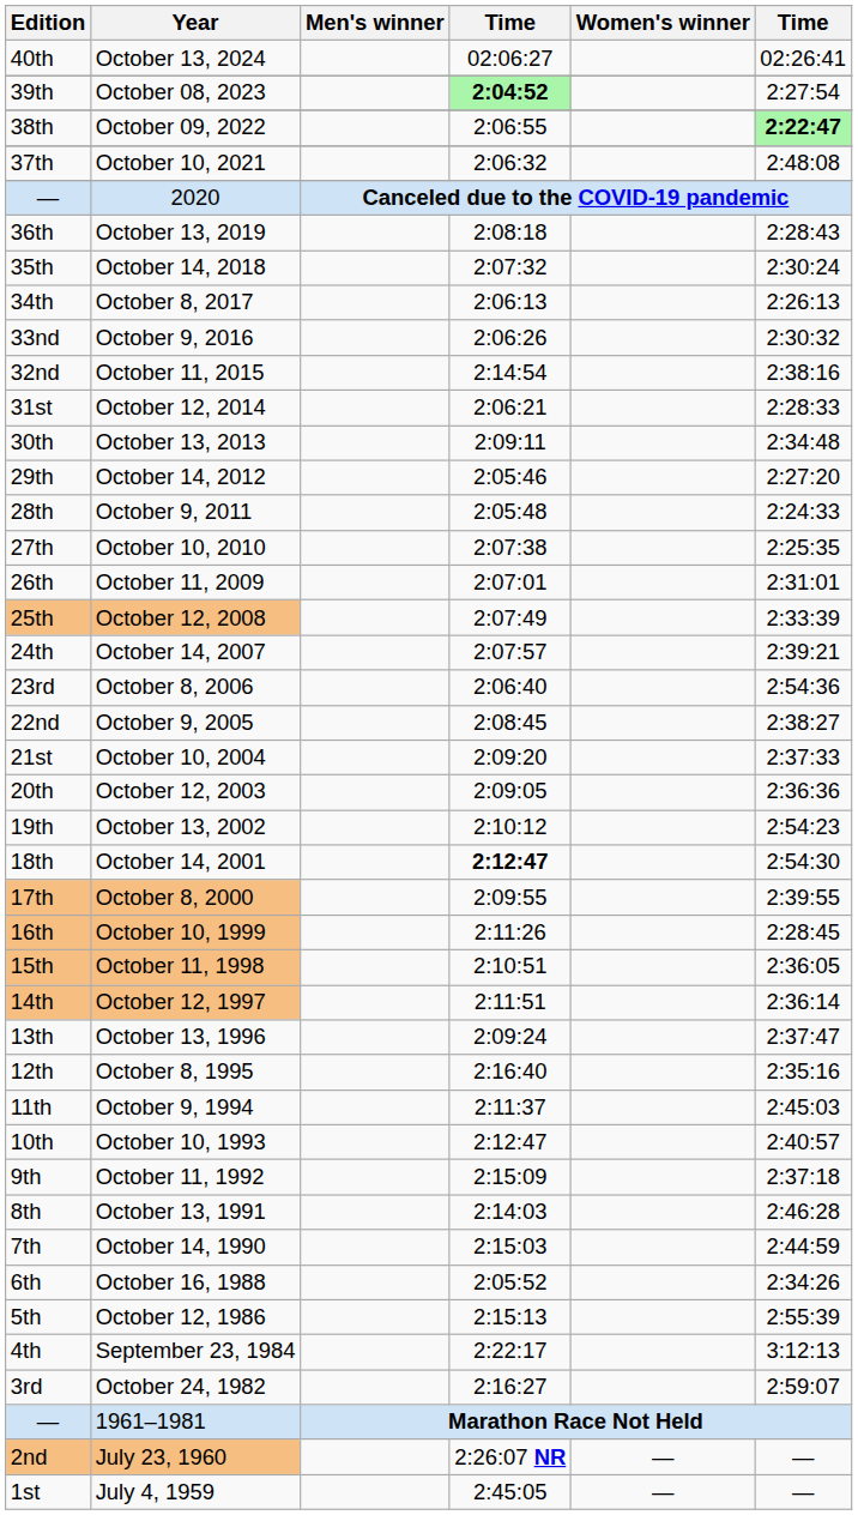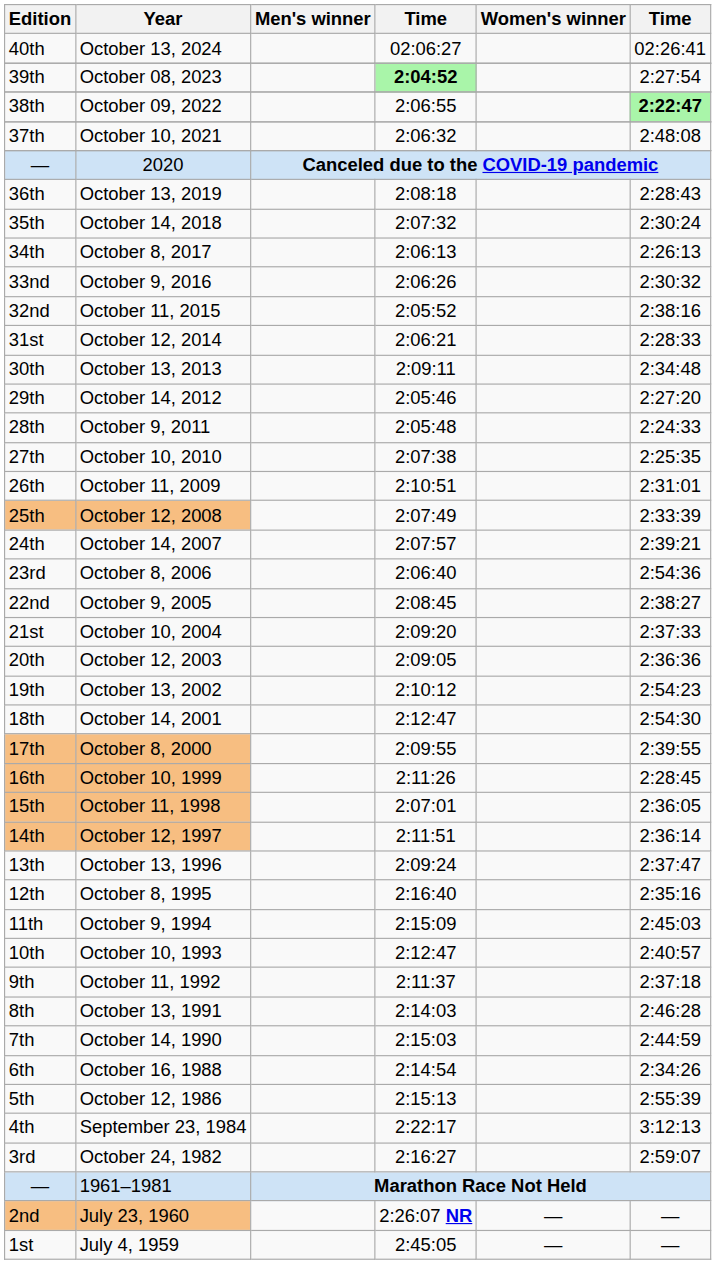 <table class="wikitable sortable">
 <tr>
 <th class=unsortable>Edition</th>
 <th>Year</th>
 <th>Men's winner</th>
 <th>Time</th>
 <th>Women's winner</th>
 <th>Time</th>
 </tr>
 <tr>
 <td>40th</td>
 <td>October 13, 2024</td>
 <td></td>
 <td align=center>02:06:27</td>
 <td></td>
 <td align=center>02:26:41</td>
 </tr>
 <tr>
 </tr>
 <tr>
 <td>39th</td>
 <td>October 08, 2023</td>
 <td></td>
 <td align=center bgcolor=#A9F5A9><strong>2:04:52</strong></td>
 <td></td>
 <td align=center>2:27:54</td>
 </tr>
 <tr>
 </tr>
 <tr>
 <td>38th</td>
 <td>October 09, 2022</td>
 <td></td>
 <td align=center>2:06:55</td>
 <td></td>
 <td align=center bgcolor=#A9F5A9><strong>2:22:47</strong></td>
 </tr>
 <tr>
 </tr>
 <tr>
 <td>37th</td>
 <td>October 10, 2021</td>
 <td></td>
 <td align=center>2:06:32</td>
 <td></td>
 <td align=center>2:48:08</td>
 </tr>
 <tr>
 </tr>
 <tr bgcolor=#CEE3F6>
 <td align="center">—</td>
 <td align="center">2020</td>
 <td colspan="4" align="center"><strong>Canceled due to the <a href='#'>COVID-19 pandemic</a></strong></td>
 </tr>
 <tr>
 <td>36th</td>
 <td>October 13, 2019</td>
 <td></td>
 <td align="center">2:08:18</td>
 <td></td>
 <td align=center>2:28:43</td>
 </tr>
 <tr>
 <td>35th</td>
 <td>October 14, 2018</td>
 <td></td>
 <td align=center>2:07:32</td>
 <td></td>
 <td align=center>2:30:24</td>
 </tr>
 <tr>
 <td>34th</td>
 <td>October 8, 2017</td>
 <td></td>
 <td align=center>2:06:13</td>
 <td></td>
 <td align=center>2:26:13</td>
 </tr>
 <tr>
 <td>33nd</td>
 <td>October 9, 2016</td>
 <td></td>
 <td align=center>2:06:26</td>
 <td></td>
 <td align=center>2:30:32</td>
 </tr>
 <tr>
 <td>32nd</td>
 <td>October 11, 2015</td>
 <td></td>
-<td align="center">2:14:54</td>
+<td align=center>2:05:52</td>
 <td></td>
 <td align=center>2:38:16</td>
 </tr>
 <tr>
 <td>31st</td>
 <td>October 12, 2014</td>
 <td></td>
 <td align=center>2:06:21</td>
 <td></td>
 <td align=center>2:28:33</td>
 </tr>
 <tr>
 <td>30th</td>
 <td>October 13, 2013</td>
 <td></td>
 <td align=center>2:09:11</td>
 <td></td>
 <td align=center>2:34:48</td>
 </tr>
 <tr>
 <td>29th</td>
 <td>October 14, 2012</td>
 <td></td>
 <td align=center>2:05:46</td>
 <td></td>
 <td align=center>2:27:20</td>
 </tr>
 <tr>
 <td>28th</td>
 <td>October 9, 2011</td>
 <td></td>
 <td align=center>2:05:48</td>
 <td></td>
 <td align=center>2:24:33</td>
 </tr>
 <tr>
 <td>27th</td>
 <td>October 10, 2010</td>
 <td></td>
 <td align=center>2:07:38</td>
 <td></td>
 <td align=center>2:25:35</td>
 </tr>
 <tr>
 <td>26th</td>
 <td>October 11, 2009</td>
 <td></td>
-<td align="center">2:07:01</td>
+<td align="center">2:10:51</td>
 <td></td>
 <td align="center">2:31:01</td>
 </tr>
 <tr>
 <td bgcolor=#F7BE81>25th</td>
 <td bgcolor=#F7BE81>October 12, 2008</td>
 <td></td>
 <td align="center">2:07:49</td>
 <td></td>
 <td align="center">2:33:39</td>
 </tr>
 <tr>
 <td>24th</td>
 <td>October 14, 2007</td>
 <td></td>
 <td align="center">2:07:57</td>
 <td></td>
 <td align="center">2:39:21</td>
 </tr>
 <tr>
 <td>23rd</td>
 <td>October 8, 2006</td>
 <td></td>
 <td align=center>2:06:40</td>
 <td></td>
 <td align="center">2:54:36</td>
 </tr>
 <tr>
 <td>22nd</td>
 <td>October 9, 2005</td>
 <td></td>
 <td align="center">2:08:45</td>
 <td></td>
 <td align="center">2:38:27</td>
 </tr>
 <tr>
 <td>21st</td>
 <td>October 10, 2004</td>
 <td></td>
 <td align="center">2:09:20</td>
 <td></td>
 <td align="center">2:37:33</td>
 </tr>
 <tr>
 <td>20th</td>
 <td>October 12, 2003</td>
 <td></td>
 <td align="center">2:09:05</td>
 <td></td>
 <td align="center">2:36:36</td>
 </tr>
 <tr>
 <td>19th</td>
 <td>October 13, 2002</td>
 <td></td>
 <td align="center">2:10:12</td>
 <td></td>
 <td align="center">2:54:23</td>
 </tr>
 <tr>
 <td>18th</td>
 <td>October 14, 2001</td>
 <td></td>
-<td align="center"><strong>2:12:47</strong></td>
+<td align="center">2:12:47</td>
 <td></td>
 <td align="center">2:54:30</td>
 </tr>
 <tr>
 <td bgcolor=#F7BE81>17th</td>
 <td bgcolor=#F7BE81>October 8, 2000</td>
 <td></td>
 <td align="center">2:09:55</td>
 <td></td>
 <td align="center">2:39:55</td>
 </tr>
 <tr>
 <td bgcolor=#F7BE81>16th</td>
 <td bgcolor=#F7BE81>October 10, 1999</td>
 <td></td>
 <td align="center">2:11:26</td>
 <td></td>
 <td align="center">2:28:45</td>
 </tr>
 <tr>
 <td bgcolor=#F7BE81>15th</td>
 <td bgcolor=#F7BE81>October 11, 1998</td>
 <td></td>
-<td align="center">2:10:51</td>
+<td align="center">2:07:01</td>
 <td></td>
 <td align="center">2:36:05</td>
 </tr>
 <tr>
 <td bgcolor=#F7BE81>14th</td>
 <td bgcolor=#F7BE81>October 12, 1997</td>
 <td></td>
 <td align="center">2:11:51</td>
 <td></td>
 <td align="center">2:36:14</td>
 </tr>
 <tr>
 <td>13th</td>
 <td>October 13, 1996</td>
 <td></td>
 <td align="center">2:09:24</td>
 <td></td>
 <td align="center">2:37:47</td>
 </tr>
 <tr>
 <td>12th</td>
 <td>October 8, 1995</td>
 <td></td>
 <td align="center">2:16:40</td>
 <td></td>
 <td align="center">2:35:16</td>
 </tr>
 <tr>
 <td>11th</td>
 <td>October 9, 1994</td>
 <td></td>
-<td align="center">2:11:37</td>
+<td align="center">2:15:09</td>
 <td></td>
 <td align="center">2:45:03</td>
 </tr>
 <tr>
 <td>10th</td>
 <td>October 10, 1993</td>
 <td></td>
 <td align="center">2:12:47</td>
 <td></td>
 <td align="center">2:40:57</td>
 </tr>
 <tr>
 <td>9th</td>
 <td>October 11, 1992</td>
 <td></td>
-<td align="center">2:15:09</td>
+<td align="center">2:11:37</td>
 <td></td>
 <td align="center">2:37:18</td>
 </tr>
 <tr>
 <td>8th</td>
 <td>October 13, 1991</td>
 <td></td>
 <td align="center">2:14:03</td>
 <td></td>
 <td align="center">2:46:28</td>
 </tr>
 <tr>
 <td>7th</td>
 <td>October 14, 1990</td>
 <td></td>
 <td align="center">2:15:03</td>
 <td></td>
 <td align="center">2:44:59</td>
 </tr>
 <tr>
 <td>6th</td>
 <td>October 16, 1988</td>
 <td></td>
-<td align=center>2:05:52</td>
+<td align="center">2:14:54</td>
 <td></td>
 <td align="center">2:34:26</td>
 </tr>
 <tr>
 <td>5th</td>
 <td>October 12, 1986</td>
 <td></td>
 <td align="center">2:15:13</td>
 <td></td>
 <td align="center">2:55:39</td>
 </tr>
 <tr>
 <td>4th</td>
 <td>September 23, 1984</td>
 <td></td>
 <td align="center">2:22:17</td>
 <td></td>
 <td align="center">3:12:13</td>
 </tr>
 <tr>
 <td>3rd</td>
 <td>October 24, 1982</td>
 <td></td>
 <td align="center">2:16:27</td>
 <td></td>
 <td align="center">2:59:07</td>
 </tr>
 <tr bgcolor=#CEE3F6>
 <td align="center">—</td>
 <td>1961–1981</td>
 <td colspan="4" align="center"><strong>Marathon Race Not Held</strong></td>
 </tr>
 <tr>
 <td bgcolor=#F7BE81>2nd</td>
 <td bgcolor=#F7BE81>July 23, 1960</td>
 <td></td>
 <td align="center">2:26:07 <strong><a href='#'>NR</a></strong></td>
 <td align="center">—</td>
 <td align="center">—</td>
 </tr>
 <tr>
 <td>1st</td>
 <td>July 4, 1959</td>
 <td></td>
 <td align="center">2:45:05</td>
 <td align="center">—</td>
 <td align="center">—</td>
 </tr>
 </table>
